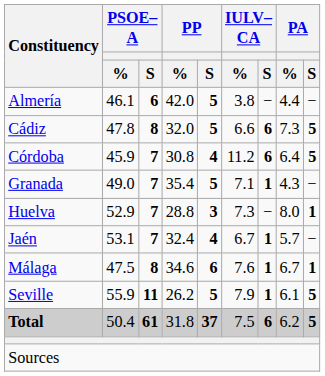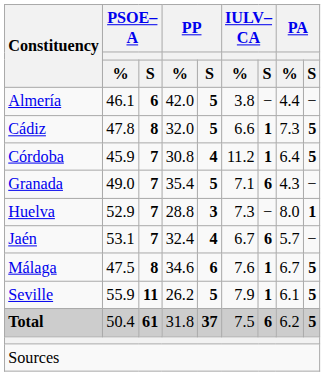 <table class="wikitable sortable" style="text-align:right; line-height:20px;">
 <tr>
 <th rowspan="3">Constituency</th>
 <th colspan="2" width="30px" class="unsortable"><a href='#'>PSOE–A</a></th>
 <th colspan="2" width="30px" class="unsortable"><a href='#'>PP</a></th>
 <th colspan="2" width="30px" class="unsortable"><a href='#'>IULV–CA</a></th>
 <th colspan="2" width="30px" class="unsortable"><a href='#'>PA</a></th>
 </tr>
 <tr>
 <th colspan="2" style="background:"></th>
 <th colspan="2" style="background:"></th>
 <th colspan="2" style="background:"></th>
 <th colspan="2" style="background:"></th>
 </tr>
 <tr>
 <th data-sort-type="number">%</th>
 <th data-sort-type="number">S</th>
 <th data-sort-type="number">%</th>
 <th data-sort-type="number">S</th>
 <th data-sort-type="number">%</th>
 <th data-sort-type="number">S</th>
 <th data-sort-type="number">%</th>
 <th data-sort-type="number">S</th>
 </tr>
 <tr>
 <td align="left"><a href='#'>Almería</a></td>
 <td style="background:">46.1</td>
 <td><strong>6</strong></td>
 <td>42.0</td>
 <td><strong>5</strong></td>
 <td>3.8</td>
 <td>−</td>
 <td>4.4</td>
 <td>−</td>
 </tr>
 <tr>
 <td align="left"><a href='#'>Cádiz</a></td>
 <td style="background:">47.8</td>
 <td><strong>8</strong></td>
 <td>32.0</td>
 <td><strong>5</strong></td>
 <td>6.6</td>
-<td><strong>6</strong></td>
+<td><strong>1</strong></td>
 <td>7.3</td>
 <td><strong>5</strong></td>
 </tr>
 <tr>
 <td align="left"><a href='#'>Córdoba</a></td>
 <td style="background:">45.9</td>
 <td><strong>7</strong></td>
 <td>30.8</td>
 <td><strong>4</strong></td>
 <td>11.2</td>
-<td><strong>6</strong></td>
+<td><strong>1</strong></td>
 <td>6.4</td>
 <td><strong>5</strong></td>
 </tr>
 <tr>
 <td align="left"><a href='#'>Granada</a></td>
 <td style="background:">49.0</td>
 <td><strong>7</strong></td>
 <td>35.4</td>
 <td><strong>5</strong></td>
 <td>7.1</td>
-<td><strong>1</strong></td>
+<td><strong>6</strong></td>
 <td>4.3</td>
 <td>−</td>
 </tr>
 <tr>
 <td align="left"><a href='#'>Huelva</a></td>
 <td style="background:">52.9</td>
 <td><strong>7</strong></td>
 <td>28.8</td>
 <td><strong>3</strong></td>
 <td>7.3</td>
 <td>−</td>
 <td>8.0</td>
 <td><strong>1</strong></td>
 </tr>
 <tr>
 <td align="left"><a href='#'>Jaén</a></td>
 <td style="background:">53.1</td>
 <td><strong>7</strong></td>
 <td>32.4</td>
 <td><strong>4</strong></td>
 <td>6.7</td>
-<td><strong>1</strong></td>
+<td><strong>6</strong></td>
 <td>5.7</td>
 <td>−</td>
 </tr>
 <tr>
 <td align="left"><a href='#'>Málaga</a></td>
 <td style="background:">47.5</td>
 <td><strong>8</strong></td>
 <td>34.6</td>
 <td><strong>6</strong></td>
 <td>7.6</td>
 <td><strong>1</strong></td>
 <td>6.7</td>
-<td><strong>1</strong></td>
+<td><strong>5</strong></td>
 </tr>
 <tr>
 <td align="left"><a href='#'>Seville</a></td>
 <td style="background:">55.9</td>
 <td><strong>11</strong></td>
 <td>26.2</td>
 <td><strong>5</strong></td>
 <td>7.9</td>
 <td><strong>1</strong></td>
 <td>6.1</td>
 <td><strong>5</strong></td>
 </tr>
 <tr style="background:#CDCDCD;">
 <td align="left"><strong>Total</strong></td>
 <td style="background:">50.4</td>
 <td><strong>61</strong></td>
 <td>31.8</td>
 <td><strong>37</strong></td>
 <td>7.5</td>
 <td><strong>6</strong></td>
 <td>6.2</td>
 <td><strong>5</strong></td>
 </tr>
 <tr>
 <th colspan="9"></th>
 </tr>
 <tr>
 <th style="text-align:left; font-weight:normal; background:#F9F9F9" colspan="9">Sources</th>
 </tr>
 </table>
